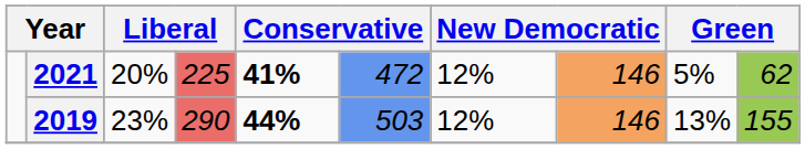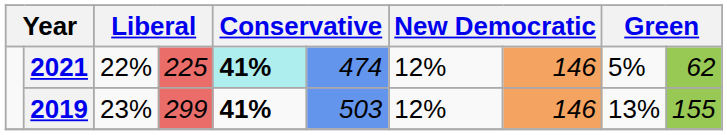 <table class="wikitable" style="float:right; width:400; font-size:90%; margin-left:1em;">
 <tr>
 <th colspan="2" scope="col">Year</th>
 <th colspan="2" scope="col"><a href='#'>Liberal</a></th>
 <th colspan="2" scope="col"><a href='#'>Conservative</a></th>
 <th colspan="2" scope="col"><a href='#'>New Democratic</a></th>
 <th colspan="2" scope="col"><a href='#'>Green</a></th>
 </tr>
 <tr>
 <td rowspan="2" style="width: 0.25em; background-color: "></td>
 <th><a href='#'>2021</a></th>
-<td>20%</td>
+<td>22%</td>
 <td style="text-align:right; background:#EA6D6A;"><em>225</em></td>
-<td><strong>41%</strong></td>
-<td style="text-align:right; background:#6495ED;"><em>472</em></td>
+<td style="background: paleturquoise;"><strong>41%</strong></td>
+<td style="text-align:right; background:#6495ED;"><em>474</em></td>
 <td>12%</td>
 <td style="text-align:right; background:#F4A460;"><em>146</em></td>
 <td>5%</td>
 <td style="text-align:right; background:#99C955;"><em>62</em></td>
 </tr>
 <tr>
 <th><a href='#'>2019</a></th>
 <td>23%</td>
-<td style="text-align:right; background:#EA6D6A;"><em>290</em></td>
-<td><strong>44%</strong></td>
+<td style="text-align:right; background:#EA6D6A;"><em>299</em></td>
+<td><strong>41%</strong></td>
 <td style="text-align:right; background:#6495ED;"><em>503</em></td>
 <td>12%</td>
 <td style="text-align:right; background:#F4A460;"><em>146</em></td>
 <td>13%</td>
 <td style="text-align:right; background:#99C955;"><em>155</em></td>
 </tr>
 <tr>
 </tr>
 </table>
